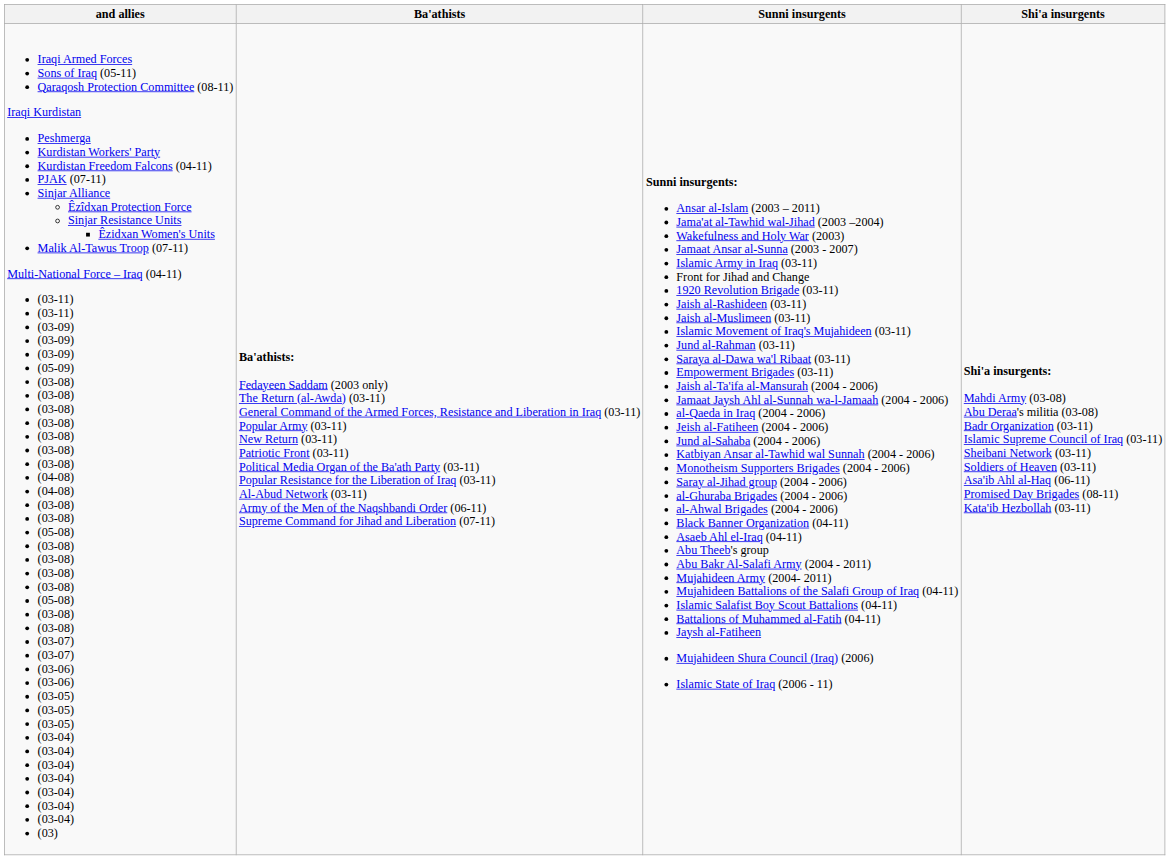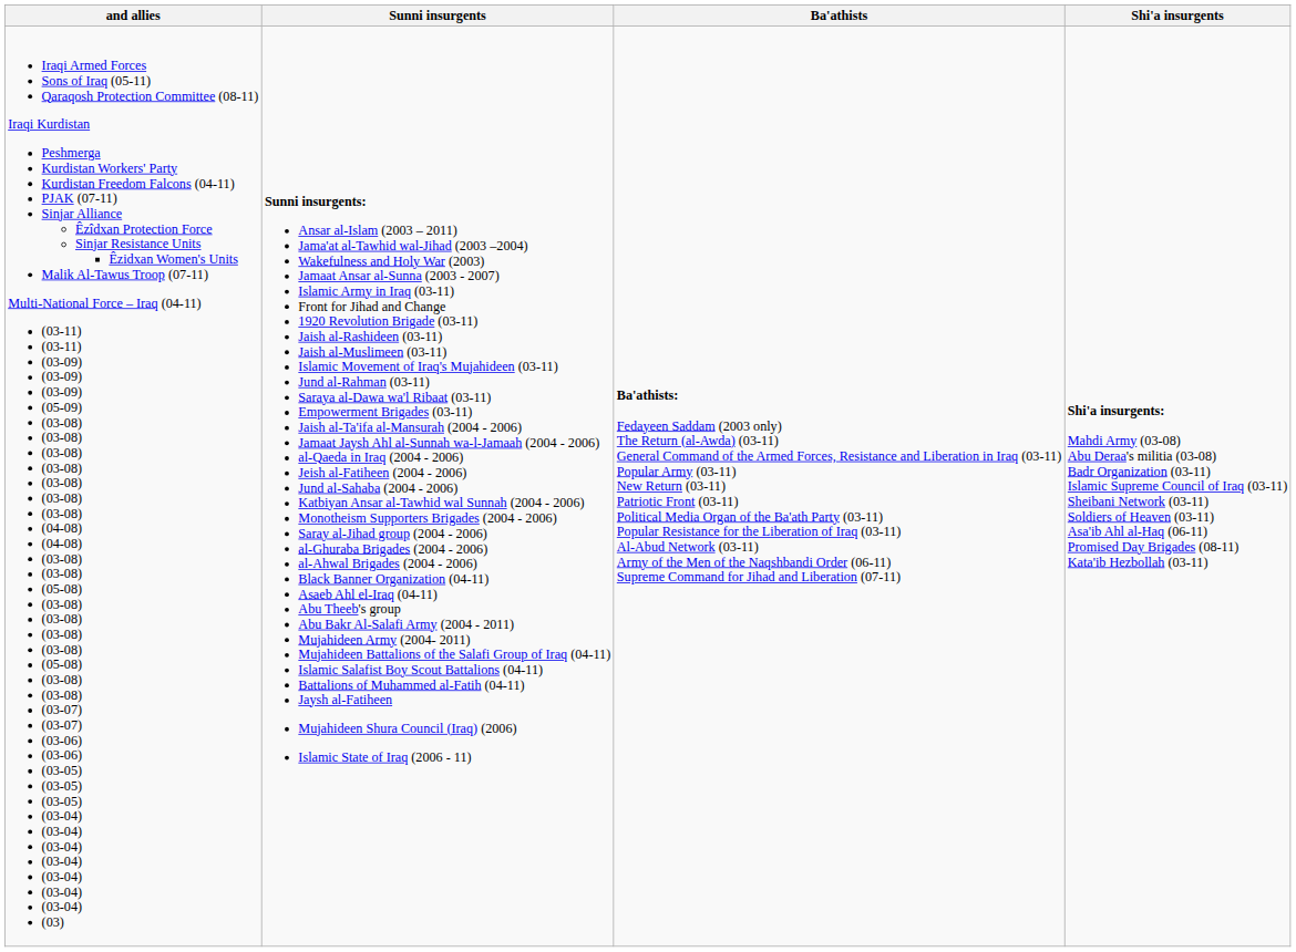 <table class="wikitable">
 <tr>
 <th> and allies</th>
+<th>Sunni insurgents</th>
 <th>Ba'athists</th>
-<th>Sunni insurgents</th>
 <th>Shi'a insurgents</th>
 </tr>
 <tr>
 <td><br><ul><li> <a href='#'>Iraqi Armed Forces</a></li><li> <a href='#'>Sons of Iraq</a> (05-11)</li><li> <a href='#'>Qaraqosh Protection Committee</a> (08-11)</li></ul> <a href='#'>Iraqi Kurdistan</a><ul><li> <a href='#'>Peshmerga</a></li><li> <a href='#'>Kurdistan Workers' Party</a></li><li><a href='#'>Kurdistan Freedom Falcons</a> (04-11)</li><li> <a href='#'>PJAK</a> (07-11)</li><li><a href='#'>Sinjar Alliance</a><ul><li> <a href='#'>Êzîdxan Protection Force</a></li><li> <a href='#'>Sinjar Resistance Units</a><ul><li><a href='#'>Êzidxan Women's Units</a></li></ul></li></ul></li><li> <a href='#'>Malik Al-Tawus Troop</a> (07-11)</li></ul> <a href='#'>Multi-National Force – Iraq</a> (04-11)<ul><li> (03-11)</li><li> (03-11)</li><li> (03-09)</li><li> (03-09)</li><li> (03-09)</li><li> (05-09)</li><li> (03-08)</li><li> (03-08)</li><li> (03-08)</li><li> (03-08)</li><li> (03-08)</li><li> (03-08)</li><li> (03-08)</li><li> (04-08)</li><li> (04-08)</li><li> (03-08)</li><li> (03-08)</li><li> (05-08)</li><li> (03-08)</li><li> (03-08)</li><li> (03-08)</li><li> (03-08)</li><li> (05-08)</li><li> (03-08)</li><li> (03-08)</li><li> (03-07)</li><li> (03-07)</li><li> (03-06)</li><li> (03-06)</li><li> (03-05)</li><li> (03-05)</li><li> (03-05)</li><li> (03-04)</li><li> (03-04)</li><li> (03-04)</li><li> (03-04)</li><li> (03-04)</li><li> (03-04)</li><li> (03-04)</li><li> (03)</li></ul></td>
+<td><strong>Sunni insurgents:</strong><br><ul><li> <a href='#'>Ansar al-Islam</a> (2003 – 2011)</li><li> <a href='#'>Jama'at al-Tawhid wal-Jihad</a> (2003 –2004)</li><li><a href='#'>Wakefulness and Holy War</a> (2003)</li><li><a href='#'>Jamaat Ansar al-Sunna</a> (2003 - 2007)</li><li><a href='#'>Islamic Army in Iraq</a> (03-11)</li><li>Front for Jihad and Change</li><li><a href='#'>1920 Revolution Brigade</a> (03-11)</li><li><a href='#'>Jaish al-Rashideen</a> (03-11)</li><li><a href='#'>Jaish al-Muslimeen</a> (03-11)</li><li><a href='#'>Islamic Movement of Iraq's Mujahideen</a> (03-11)</li><li><a href='#'>Jund al-Rahman</a> (03-11)</li><li> <a href='#'>Saraya al-Dawa wa'l Ribaat</a> (03-11)</li><li><a href='#'>Empowerment Brigades</a> (03-11)</li><li> <a href='#'>Jaish al-Ta'ifa al-Mansurah</a> (2004 - 2006)</li><li> <a href='#'>Jamaat Jaysh Ahl al-Sunnah wa-l-Jamaah</a> (2004 - 2006)</li><li> <a href='#'>al-Qaeda in Iraq</a> (2004 - 2006)</li><li> <a href='#'>Jeish al-Fatiheen</a> (2004 - 2006)</li><li> <a href='#'>Jund al-Sahaba</a> (2004 - 2006)</li><li> <a href='#'>Katbiyan Ansar al-Tawhid wal Sunnah</a> (2004 - 2006)</li><li> <a href='#'>Monotheism Supporters Brigades</a> (2004 - 2006)</li><li> <a href='#'>Saray al-Jihad group</a> (2004 - 2006)</li><li> <a href='#'>al-Ghuraba Brigades</a> (2004 - 2006)</li><li> <a href='#'>al-Ahwal Brigades</a> (2004 - 2006)</li><li> <a href='#'>Black Banner Organization</a> (04-11)</li><li> <a href='#'>Asaeb Ahl el-Iraq</a> (04-11)</li><li> <a href='#'>Abu Theeb</a>'s group</li><li><a href='#'>Abu Bakr Al-Salafi Army</a> (2004 - 2011)</li><li><a href='#'>Mujahideen Army</a> (2004- 2011)</li><li> <a href='#'>Mujahideen Battalions of the Salafi Group of Iraq</a> (04-11)</li><li> <a href='#'>Islamic Salafist Boy Scout Battalions</a> (04-11)</li><li><a href='#'>Battalions of Muhammed al-Fatih</a> (04-11)</li><li><a href='#'>Jaysh al-Fatiheen</a></li></ul><ul><li><a href='#'>Mujahideen Shura Council (Iraq)</a> (2006)</li></ul><ul><li> <a href='#'>Islamic State of Iraq</a> (2006 - 11)</li></ul></td>
 <td><strong>Ba'athists:</strong><br><br> <a href='#'>Fedayeen Saddam</a> (2003 only)<br>    <a href='#'>The Return (al-Awda)</a> (03-11)<br>    <a href='#'>General Command of the Armed Forces, Resistance and Liberation in Iraq</a> (03-11)<br>    <a href='#'>Popular Army</a> (03-11)<br>    <a href='#'>New Return</a> (03-11)<br>   <a href='#'>Patriotic Front</a> (03-11)<br>    <a href='#'>Political Media Organ of the Ba'ath Party</a> (03-11)<br>    <a href='#'>Popular Resistance for the Liberation of Iraq</a> (03-11)<br>    <a href='#'>Al-Abud Network</a> (03-11)<br>    <a href='#'>Army of the Men of the Naqshbandi Order</a> (06-11)<br>  <a href='#'>Supreme Command for Jihad and Liberation</a> (07-11)<br></td>
-<td><strong>Sunni insurgents:</strong><br><ul><li> <a href='#'>Ansar al-Islam</a> (2003 – 2011)</li><li> <a href='#'>Jama'at al-Tawhid wal-Jihad</a> (2003 –2004)</li><li><a href='#'>Wakefulness and Holy War</a> (2003)</li><li><a href='#'>Jamaat Ansar al-Sunna</a> (2003 - 2007)</li><li><a href='#'>Islamic Army in Iraq</a> (03-11)</li><li>Front for Jihad and Change</li><li><a href='#'>1920 Revolution Brigade</a> (03-11)</li><li><a href='#'>Jaish al-Rashideen</a> (03-11)</li><li><a href='#'>Jaish al-Muslimeen</a> (03-11)</li><li><a href='#'>Islamic Movement of Iraq's Mujahideen</a> (03-11)</li><li><a href='#'>Jund al-Rahman</a> (03-11)</li><li> <a href='#'>Saraya al-Dawa wa'l Ribaat</a> (03-11)</li><li><a href='#'>Empowerment Brigades</a> (03-11)</li><li> <a href='#'>Jaish al-Ta'ifa al-Mansurah</a> (2004 - 2006)</li><li> <a href='#'>Jamaat Jaysh Ahl al-Sunnah wa-l-Jamaah</a> (2004 - 2006)</li><li> <a href='#'>al-Qaeda in Iraq</a> (2004 - 2006)</li><li> <a href='#'>Jeish al-Fatiheen</a> (2004 - 2006)</li><li> <a href='#'>Jund al-Sahaba</a> (2004 - 2006)</li><li> <a href='#'>Katbiyan Ansar al-Tawhid wal Sunnah</a> (2004 - 2006)</li><li> <a href='#'>Monotheism Supporters Brigades</a> (2004 - 2006)</li><li> <a href='#'>Saray al-Jihad group</a> (2004 - 2006)</li><li> <a href='#'>al-Ghuraba Brigades</a> (2004 - 2006)</li><li> <a href='#'>al-Ahwal Brigades</a> (2004 - 2006)</li><li> <a href='#'>Black Banner Organization</a> (04-11)</li><li> <a href='#'>Asaeb Ahl el-Iraq</a> (04-11)</li><li> <a href='#'>Abu Theeb</a>'s group</li><li><a href='#'>Abu Bakr Al-Salafi Army</a> (2004 - 2011)</li><li><a href='#'>Mujahideen Army</a> (2004- 2011)</li><li> <a href='#'>Mujahideen Battalions of the Salafi Group of Iraq</a> (04-11)</li><li> <a href='#'>Islamic Salafist Boy Scout Battalions</a> (04-11)</li><li><a href='#'>Battalions of Muhammed al-Fatih</a> (04-11)</li><li><a href='#'>Jaysh al-Fatiheen</a></li></ul><ul><li><a href='#'>Mujahideen Shura Council (Iraq)</a> (2006)</li></ul><ul><li> <a href='#'>Islamic State of Iraq</a> (2006 - 11)</li></ul></td>
 <td><strong>Shi'a insurgents:</strong><br><br> <a href='#'>Mahdi Army</a> (03-08)<br>  <a href='#'>Abu Deraa</a>'s militia (03-08)<br>  <a href='#'>Badr Organization</a> (03-11)<br>  <a href='#'>Islamic Supreme Council of Iraq</a> (03-11)<br>  <a href='#'>Sheibani Network</a> (03-11)<br>  <a href='#'>Soldiers of Heaven</a> (03-11)<br>  <a href='#'>Asa'ib Ahl al-Haq</a> (06-11)<br>  <a href='#'>Promised Day Brigades</a> (08-11)<br>  <a href='#'>Kata'ib Hezbollah</a> (03-11)</td>
 </tr>
 </table>
